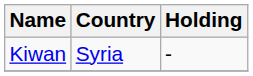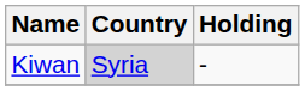 <table class="wikitable">
 <tr>
 <th>Name</th>
 <th>Country</th>
 <th>Holding</th>
 </tr>
 <tr>
 <td><a href='#'>Kiwan</a></td>
-<td> <a href='#'>Syria</a></td>
+<td style="background: lightgrey;"> <a href='#'>Syria</a></td>
 <td>-</td>
 </tr>
 <tr>
 </tr>
 </table>
